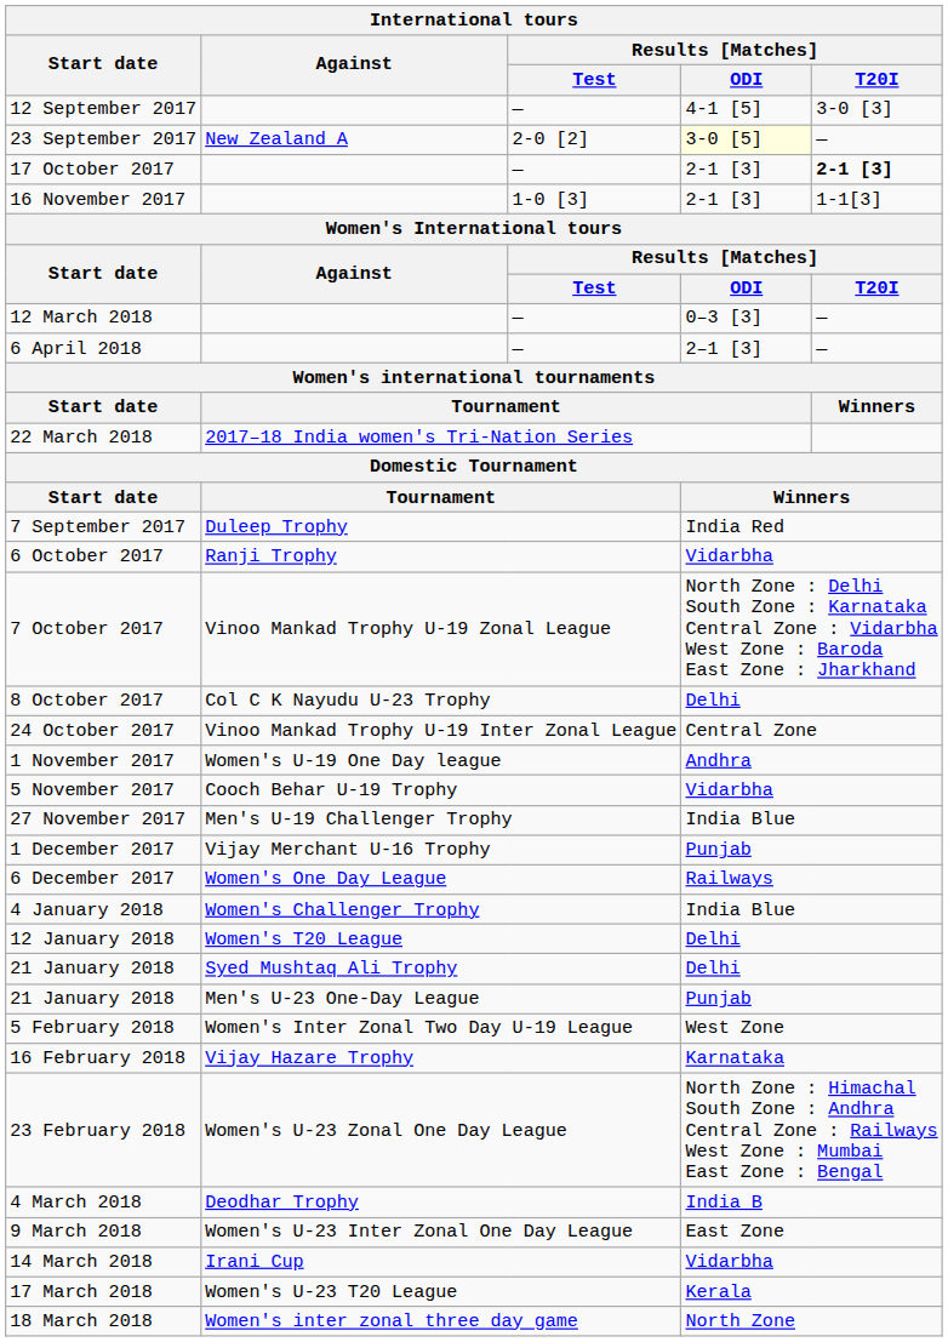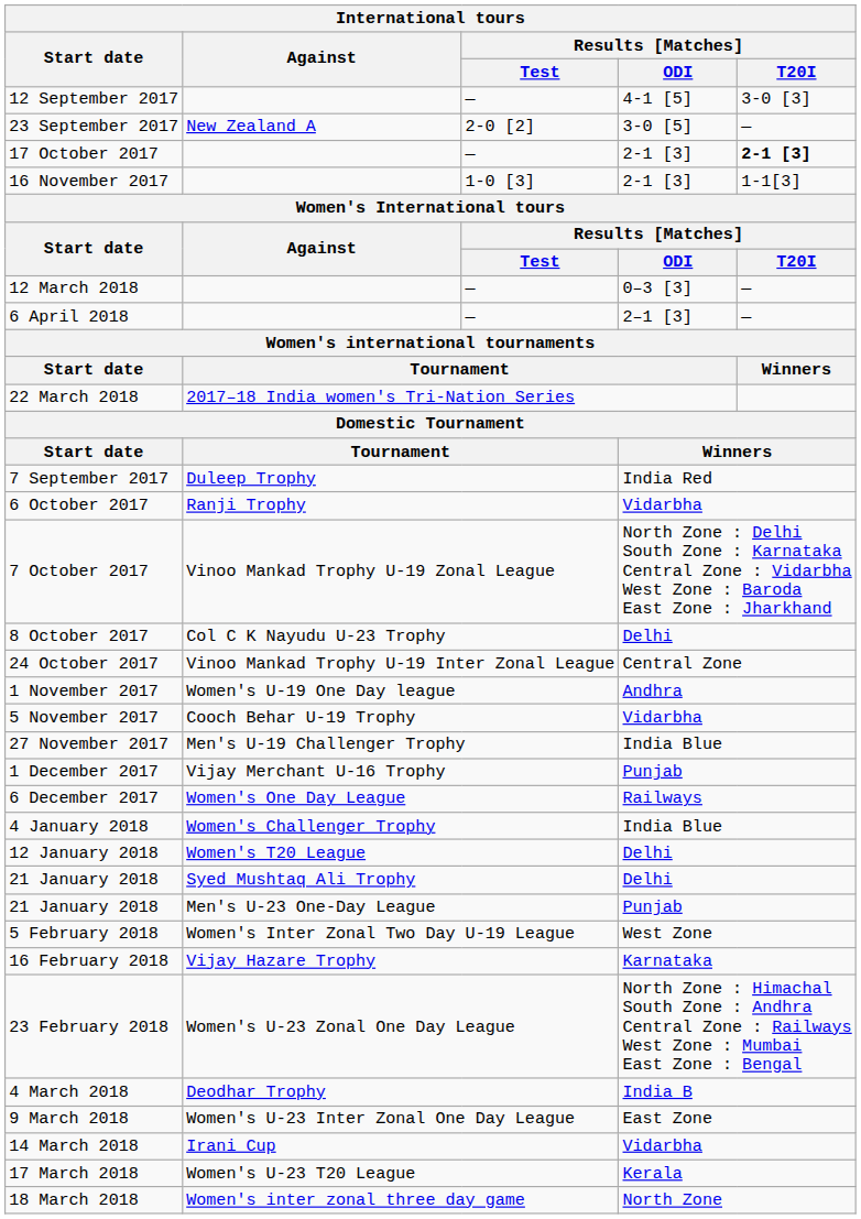 <table class="wikitable sortable">
 <tr>
 <th colspan="5">International tours</th>
 </tr>
 <tr>
 <th rowspan="2">Start date</th>
 <th rowspan="2">Against</th>
 <th colspan="3">Results [Matches]</th>
 </tr>
 <tr>
 <th><a href='#'>Test</a></th>
 <th><a href='#'>ODI</a></th>
 <th><a href='#'>T20I</a></th>
 </tr>
 <tr>
 <td>12 September 2017</td>
 <td></td>
 <td>—</td>
 <td>4-1 [5]</td>
 <td>3-0 [3]</td>
 </tr>
 <tr>
 <td>23 September 2017</td>
 <td> <a href='#'>New Zealand A</a></td>
 <td>2-0 [2]</td>
-<td style="background: lightyellow;">3-0 [5]</td>
+<td>3-0 [5]</td>
 <td>—</td>
 </tr>
 <tr>
 <td>17 October 2017</td>
 <td></td>
 <td>—</td>
 <td>2-1 [3]</td>
 <td><strong>2-1 [3]</strong></td>
 </tr>
 <tr>
 <td>16 November 2017</td>
 <td></td>
 <td>1-0 [3]</td>
 <td>2-1 [3]</td>
 <td>1-1[3]</td>
 </tr>
 <tr>
 <th colspan="5">Women's International tours</th>
 </tr>
 <tr>
 <th rowspan="2">Start date</th>
 <th rowspan="2">Against</th>
 <th colspan="3">Results [Matches]</th>
 </tr>
 <tr>
 <th><a href='#'>Test</a></th>
 <th><a href='#'>ODI</a></th>
 <th><a href='#'>T20I</a></th>
 </tr>
 <tr>
 <td>12 March 2018</td>
 <td style="text-align:left"></td>
 <td>—</td>
 <td>0–3 [3]</td>
 <td>—</td>
 </tr>
 <tr>
 <td>6 April 2018</td>
 <td style="text-align:left"></td>
 <td>—</td>
 <td>2–1 [3]</td>
 <td>—</td>
 </tr>
 <tr>
 <th colspan=6>Women's international tournaments</th>
 </tr>
 <tr>
 <th>Start date</th>
 <th colspan=3>Tournament</th>
 <th colspan=2>Winners</th>
 </tr>
 <tr>
 <td>22 March 2018</td>
 <td style="text-align:left" colspan=3> <a href='#'>2017–18 India women's Tri-Nation Series</a></td>
 <td style="text-align:left" colspan=2></td>
 </tr>
 <tr>
 <th colspan="5">Domestic Tournament</th>
 </tr>
 <tr>
 <th>Start date</th>
 <th colspan="2">Tournament</th>
 <th colspan="2">Winners</th>
 </tr>
 <tr>
 <td>7 September 2017</td>
 <td colspan="2"><a href='#'>Duleep Trophy</a></td>
 <td colspan="2">India Red</td>
 </tr>
 <tr>
 <td>6 October 2017</td>
 <td colspan="2"><a href='#'>Ranji Trophy</a></td>
 <td colspan="2"><a href='#'>Vidarbha</a></td>
 </tr>
 <tr>
 <td>7 October 2017</td>
 <td colspan="2">Vinoo Mankad Trophy U-19 Zonal League</td>
 <td colspan="2">North Zone : <a href='#'>Delhi</a> <br> South Zone : <a href='#'>Karnataka</a> <br> Central Zone : <a href='#'>Vidarbha</a> <br> West Zone : <a href='#'>Baroda</a> <br> East Zone : <a href='#'>Jharkhand</a></td>
 </tr>
 <tr>
 <td>8 October 2017</td>
 <td colspan="2">Col C K Nayudu U-23 Trophy</td>
 <td colspan="2"><a href='#'>Delhi</a></td>
 </tr>
 <tr>
 <td>24 October 2017</td>
 <td colspan="2">Vinoo Mankad Trophy U-19 Inter Zonal League</td>
 <td colspan="2">Central Zone</td>
 </tr>
 <tr>
 <td>1 November 2017</td>
 <td colspan="2">Women's U-19 One Day league</td>
 <td colspan="2"><a href='#'>Andhra</a></td>
 </tr>
 <tr>
 <td>5 November 2017</td>
 <td colspan="2">Cooch Behar U-19 Trophy</td>
 <td colspan="2"><a href='#'>Vidarbha</a></td>
 </tr>
 <tr>
 <td>27 November 2017</td>
 <td colspan="2">Men's U-19 Challenger Trophy</td>
 <td colspan="2">India Blue</td>
 </tr>
 <tr>
 <td>1 December 2017</td>
 <td colspan="2">Vijay Merchant U-16 Trophy</td>
 <td colspan="2"><a href='#'>Punjab</a></td>
 </tr>
 <tr>
 <td>6 December 2017</td>
 <td colspan="2"><a href='#'>Women's One Day League</a></td>
 <td colspan="2"><a href='#'>Railways</a></td>
 </tr>
 <tr>
 <td>4 January 2018</td>
 <td colspan="2"><a href='#'>Women's Challenger Trophy</a></td>
 <td colspan="2">India Blue</td>
 </tr>
 <tr>
 <td>12 January 2018</td>
 <td colspan="2"><a href='#'>Women's T20 League</a></td>
 <td colspan="2"><a href='#'>Delhi</a></td>
 </tr>
 <tr>
 <td>21 January 2018</td>
 <td colspan="2"><a href='#'>Syed Mushtaq Ali Trophy</a></td>
 <td colspan="2"><a href='#'>Delhi</a></td>
 </tr>
 <tr>
 <td>21 January 2018</td>
 <td colspan="2">Men's U-23 One-Day League</td>
 <td colspan="2"><a href='#'>Punjab</a></td>
 </tr>
 <tr>
 <td>5 February 2018</td>
 <td colspan="2">Women's Inter Zonal Two Day U-19 League</td>
 <td colspan="2">West Zone</td>
 </tr>
 <tr>
 <td>16 February 2018</td>
 <td colspan="2"><a href='#'>Vijay Hazare Trophy</a></td>
 <td colspan="2"><a href='#'>Karnataka</a></td>
 </tr>
 <tr>
 <td>23 February 2018</td>
 <td colspan="2">Women's U-23 Zonal One Day League</td>
 <td colspan="2">North Zone : <a href='#'>Himachal</a> <br> South Zone : <a href='#'>Andhra</a> <br> Central Zone : <a href='#'>Railways</a> <br> West Zone : <a href='#'>Mumbai</a> <br> East Zone : <a href='#'>Bengal</a></td>
 </tr>
 <tr>
 <td>4 March 2018</td>
 <td colspan="2"><a href='#'>Deodhar Trophy</a></td>
 <td colspan="2"><a href='#'>India B</a></td>
 </tr>
 <tr>
 <td>9 March 2018</td>
 <td colspan="2">Women's U-23 Inter Zonal One Day League</td>
 <td colspan="2">East Zone</td>
 </tr>
 <tr>
 <td>14 March 2018</td>
 <td colspan="2"><a href='#'>Irani Cup</a></td>
 <td colspan="2"><a href='#'>Vidarbha</a></td>
 </tr>
 <tr>
 <td>17 March 2018</td>
 <td colspan="2">Women's U-23 T20 League</td>
 <td colspan="2"><a href='#'>Kerala</a></td>
 </tr>
 <tr>
 <td>18 March 2018</td>
 <td colspan="2"><a href='#'>Women's inter zonal three day game</a></td>
 <td colspan="2"><a href='#'>North Zone</a></td>
 </tr>
 </table>
